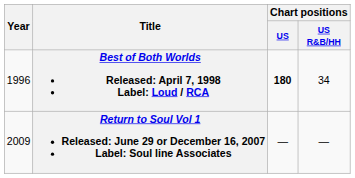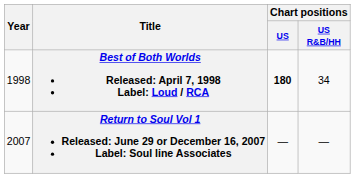 <table class="wikitable plainrowheaders" style="text-align:center;">
 <tr>
 <th rowspan="2">Year</th>
 <th rowspan="2">Title</th>
 <th colspan="2">Chart positions</th>
 </tr>
 <tr>
 <th><small><a href='#'>US</a></small><br></th>
 <th><small><a href='#'>US<br>R&B/HH</a></small><br></th>
 </tr>
 <tr>
-<td>1996</td>
+<td>1998</td>
 <th scope="row"><em><a href='#'>Best of Both Worlds</a></em><br><ul><li>Released: April 7, 1998</li><li>Label: <a href='#'>Loud</a> / <a href='#'>RCA</a></li></ul></th>
 <td align="center"><strong>180</strong></td>
 <td align="center">34</td>
 </tr>
 <tr>
-<td>2009</td>
+<td>2007</td>
 <th scope="row"><em><a href='#'>Return to Soul Vol 1</a></em><br><ul><li>Released: June 29 or December 16, 2007</li><li>Label: Soul line Associates</li></ul></th>
 <td align="center">—</td>
 <td align="center">—</td>
 </tr>
 </table>
